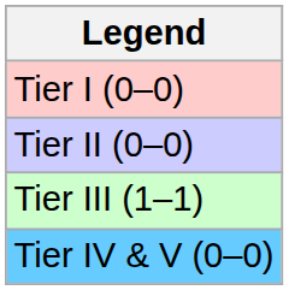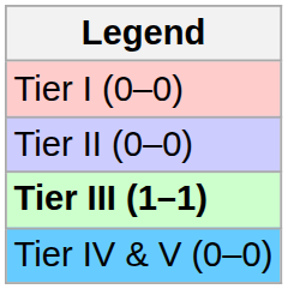 <table class="wikitable">
 <tr>
 <th>Legend</th>
 </tr>
 <tr>
 <td bgcolor=#ffcccc>Tier I (0–0)</td>
 </tr>
 <tr>
 <td bgcolor=#ccccff>Tier II (0–0)</td>
 </tr>
 <tr>
-<td bgcolor=#CCFFCC>Tier III (1–1)</td>
+<td bgcolor=#CCFFCC><strong>Tier III (1–1)</strong></td>
 </tr>
 <tr>
 <td bgcolor=#66CCFF>Tier IV & V (0–0)</td>
 </tr>
 </table>
